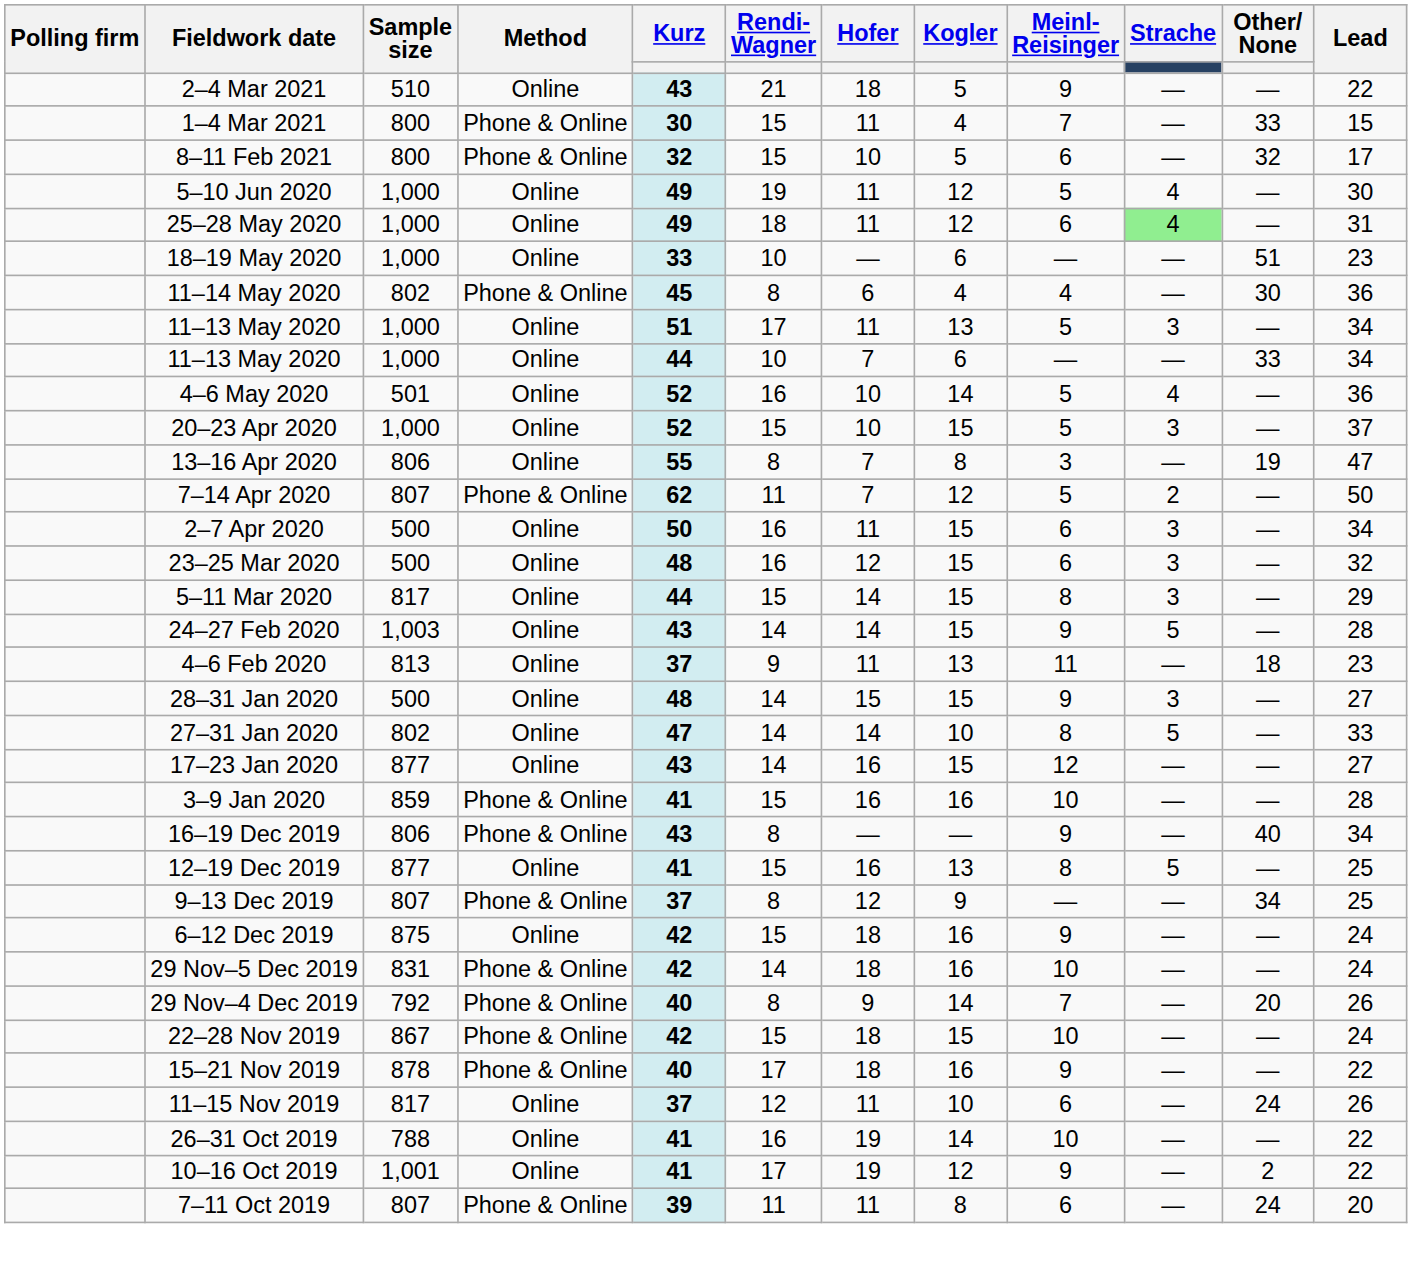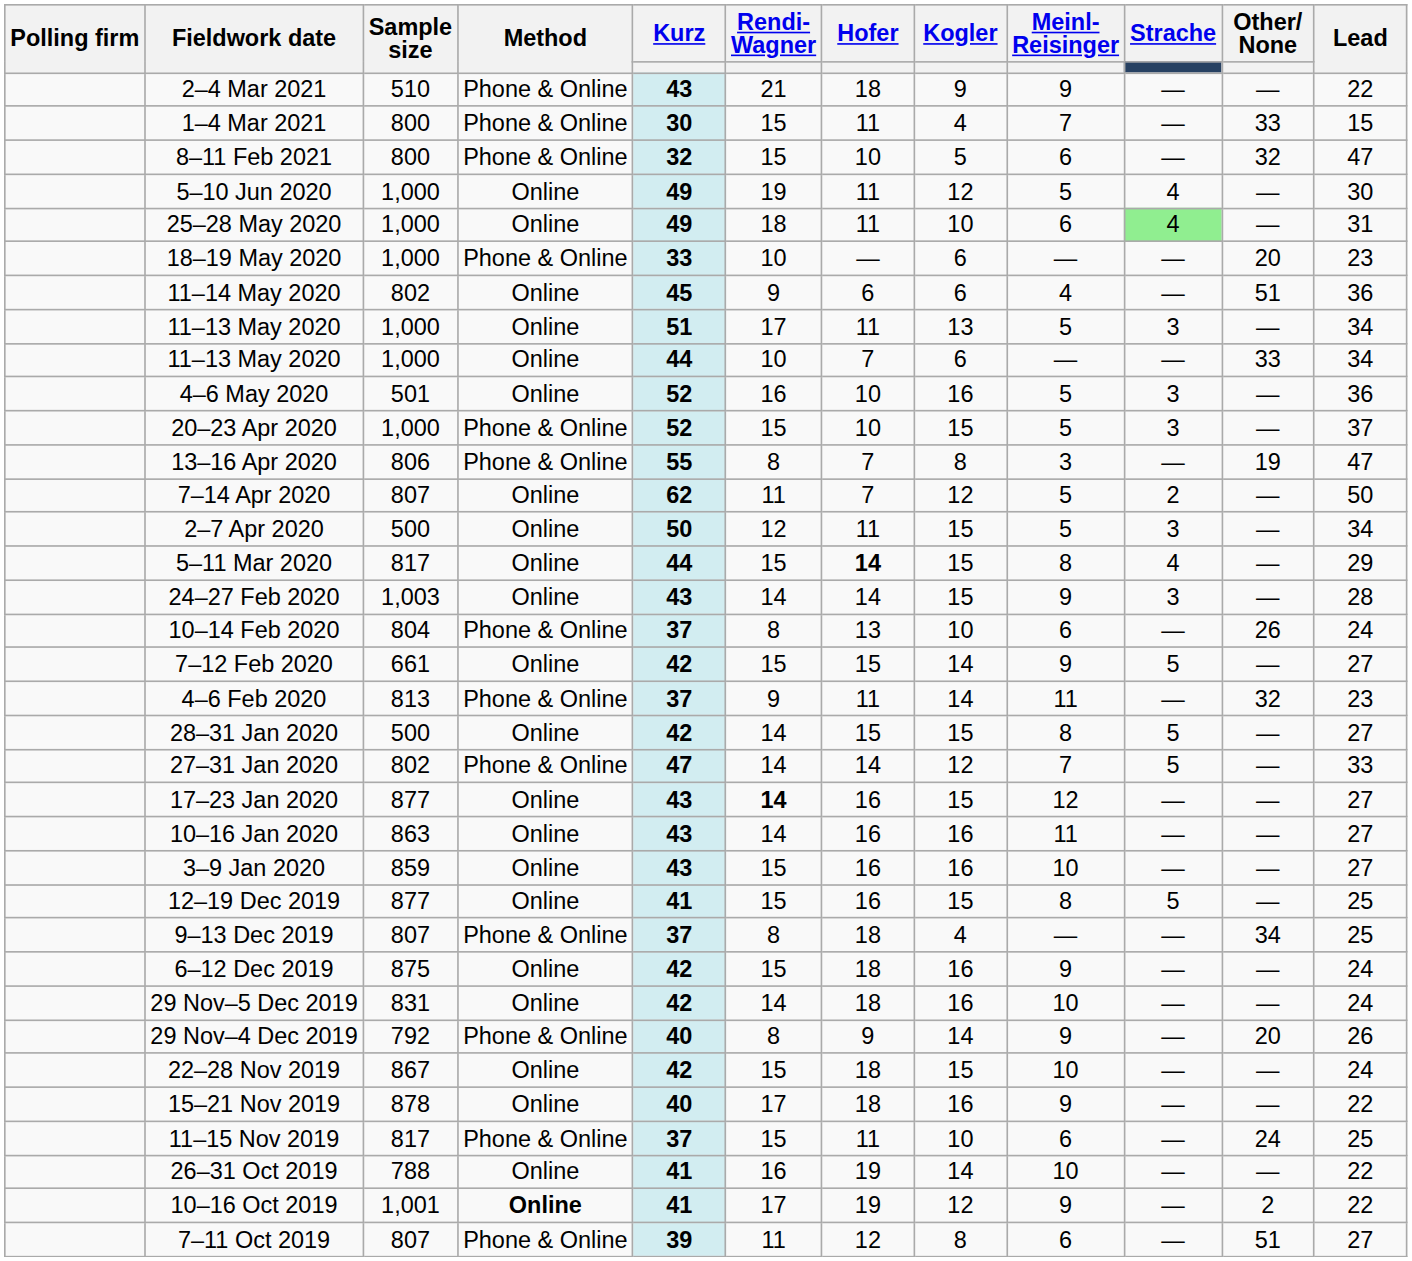 <table class="wikitable sortable mw-datatable" style="text-align:center;font-size:90%;line-height:14px;">
 <tr>
 <th rowspan="2">Polling firm</th>
 <th rowspan="2">Fieldwork date</th>
 <th rowspan="2">Sample<br>size</th>
 <th rowspan="2">Method</th>
 <th class="unsortable" style="width:50px;"><a href='#'>Kurz</a><br></th>
 <th class="unsortable" style="width:50px;"><a href='#'>Rendi-Wagner</a><br></th>
 <th class="unsortable" style="width:50px;"><a href='#'>Hofer</a><br></th>
 <th class="unsortable" style="width:50px;"><a href='#'>Kogler</a><br></th>
 <th class="unsortable" style="width:50px;"><a href='#'>Meinl-Reisinger</a><br></th>
 <th class="unsortable" style="width:50px;"><a href='#'>Strache</a><br></th>
 <th class="unsortable" style="width:50px;">Other/<br>None</th>
 <th rowspan="2" class="unsortable" style="width:50px;">Lead</th>
 </tr>
 <tr>
 <th style="background:"></th>
 <th style="background:"></th>
 <th style="background:"></th>
 <th style="background:"></th>
 <th style="background:"></th>
 <th style="background:#274162;"></th>
 <th style="background:"></th>
 </tr>
 <tr>
 <td></td>
 <td data-sort-value="2021-03-06">2–4 Mar 2021</td>
 <td>510</td>
-<td>Online</td>
+<td>Phone & Online</td>
 <td style="background:#D2EDF1;"><strong>43</strong></td>
 <td>21</td>
 <td>18</td>
-<td>5</td>
+<td>9</td>
 <td>9</td>
 <td>—</td>
 <td>—</td>
 <td style="background:">22</td>
 </tr>
 <tr>
 <td></td>
 <td data-sort-value="2021-03-06">1–4 Mar 2021</td>
 <td>800</td>
 <td>Phone & Online</td>
 <td style="background:#D2EDF1;"><strong>30</strong></td>
 <td>15</td>
 <td>11</td>
 <td>4</td>
 <td>7</td>
 <td>—</td>
 <td>33</td>
 <td style="background:">15</td>
 </tr>
 <tr>
 <td></td>
 <td data-sort-value="2021-02-13">8–11 Feb 2021</td>
 <td>800</td>
 <td>Phone & Online</td>
 <td style="background:#D2EDF1;"><strong>32</strong></td>
 <td>15</td>
 <td>10</td>
 <td>5</td>
 <td>6</td>
 <td>—</td>
 <td>32</td>
-<td style="background:">17</td>
+<td style="background:">47</td>
 </tr>
 <tr>
 <td></td>
 <td data-sort-value="2020-06-10">5–10 Jun 2020</td>
 <td>1,000</td>
 <td>Online</td>
 <td style="background:#D2EDF1;"><strong>49</strong></td>
 <td>19</td>
 <td>11</td>
 <td>12</td>
 <td>5</td>
 <td>4</td>
 <td>—</td>
 <td style="background:">30</td>
 </tr>
 <tr>
 <td></td>
 <td data-sort-value="2020-05-28">25–28 May 2020</td>
 <td>1,000</td>
 <td>Online</td>
 <td style="background:#D2EDF1;"><strong>49</strong></td>
 <td>18</td>
 <td>11</td>
-<td>12</td>
+<td>10</td>
 <td>6</td>
 <td style="background: lightgreen;">4</td>
 <td>—</td>
 <td style="background:">31</td>
 </tr>
 <tr>
 <td></td>
 <td data-sort-value="2020-05-19">18–19 May 2020</td>
 <td>1,000</td>
-<td>Online</td>
+<td>Phone & Online</td>
 <td style="background:#D2EDF1;"><strong>33</strong></td>
 <td>10</td>
 <td>—</td>
 <td>6</td>
 <td>—</td>
 <td>—</td>
-<td>51</td>
+<td>20</td>
 <td style="background:">23</td>
 </tr>
 <tr>
 <td></td>
 <td data-sort-value="2020-05-14">11–14 May 2020</td>
 <td>802</td>
-<td>Phone & Online</td>
+<td>Online</td>
 <td style="background:#D2EDF1;"><strong>45</strong></td>
-<td>8</td>
+<td>9</td>
+<td>6</td>
 <td>6</td>
 <td>4</td>
-<td>4</td>
 <td>—</td>
-<td>30</td>
+<td>51</td>
 <td style="background:">36</td>
 </tr>
 <tr>
 <td></td>
 <td data-sort-value="2020-05-13">11–13 May 2020</td>
 <td>1,000</td>
 <td>Online</td>
 <td style="background:#D2EDF1;"><strong>51</strong></td>
 <td>17</td>
 <td>11</td>
 <td>13</td>
 <td>5</td>
 <td>3</td>
 <td>—</td>
 <td style="background:">34</td>
 </tr>
 <tr>
 <td></td>
 <td data-sort-value="2020-05-13">11–13 May 2020</td>
 <td>1,000</td>
 <td>Online</td>
 <td style="background:#D2EDF1;"><strong>44</strong></td>
 <td>10</td>
 <td>7</td>
 <td>6</td>
 <td>—</td>
 <td>—</td>
 <td>33</td>
 <td style="background:">34</td>
 </tr>
 <tr>
 <td></td>
 <td data-sort-value="2020-05-06">4–6 May 2020</td>
 <td>501</td>
 <td>Online</td>
 <td style="background:#D2EDF1;"><strong>52</strong></td>
 <td>16</td>
 <td>10</td>
-<td>14</td>
+<td>16</td>
 <td>5</td>
-<td>4</td>
+<td>3</td>
 <td>—</td>
 <td style="background:">36</td>
 </tr>
 <tr>
 <td></td>
 <td data-sort-value="2020-04-23">20–23 Apr 2020</td>
 <td>1,000</td>
-<td>Online</td>
+<td>Phone & Online</td>
 <td style="background:#D2EDF1;"><strong>52</strong></td>
 <td>15</td>
 <td>10</td>
 <td>15</td>
 <td>5</td>
 <td>3</td>
 <td>—</td>
 <td style="background:">37</td>
 </tr>
 <tr>
 <td></td>
 <td data-sort-value="2020-04-16">13–16 Apr 2020</td>
 <td>806</td>
-<td>Online</td>
+<td>Phone & Online</td>
 <td style="background:#D2EDF1;"><strong>55</strong></td>
 <td>8</td>
 <td>7</td>
 <td>8</td>
 <td>3</td>
 <td>—</td>
 <td>19</td>
 <td style="background:">47</td>
 </tr>
 <tr>
 <td></td>
 <td data-sort-value="2020-04-14">7–14 Apr 2020</td>
 <td>807</td>
-<td>Phone & Online</td>
+<td>Online</td>
 <td style="background:#D2EDF1;"><strong>62</strong></td>
 <td>11</td>
 <td>7</td>
 <td>12</td>
 <td>5</td>
 <td>2</td>
 <td>—</td>
 <td style="background:">50</td>
 </tr>
 <tr>
 <td></td>
 <td data-sort-value="2020-04-07">2–7 Apr 2020</td>
 <td>500</td>
 <td>Online</td>
 <td style="background:#D2EDF1;"><strong>50</strong></td>
-<td>16</td>
+<td>12</td>
 <td>11</td>
 <td>15</td>
-<td>6</td>
+<td>5</td>
 <td>3</td>
 <td>—</td>
 <td style="background:">34</td>
-</tr>
-<tr>
-<td></td>
-<td data-sort-value="2020-03-25">23–25 Mar 2020</td>
-<td>500</td>
-<td>Online</td>
-<td style="background:#D2EDF1;"><strong>48</strong></td>
-<td>16</td>
-<td>12</td>
-<td>15</td>
-<td>6</td>
-<td>3</td>
-<td>—</td>
-<td style="background:">32</td>
 </tr>
 <tr>
 <td></td>
 <td data-sort-value="2020-03-11">5–11 Mar 2020</td>
 <td>817</td>
 <td>Online</td>
 <td style="background:#D2EDF1;"><strong>44</strong></td>
 <td>15</td>
-<td>14</td>
+<td><strong>14</strong></td>
 <td>15</td>
 <td>8</td>
-<td>3</td>
+<td>4</td>
 <td>—</td>
 <td style="background:">29</td>
 </tr>
 <tr>
 <td></td>
 <td data-sort-value="2020-02-27">24–27 Feb 2020</td>
 <td>1,003</td>
 <td>Online</td>
 <td style="background:#D2EDF1;"><strong>43</strong></td>
 <td>14</td>
 <td>14</td>
 <td>15</td>
 <td>9</td>
-<td>5</td>
+<td>3</td>
 <td>—</td>
 <td style="background:">28</td>
 </tr>
 <tr>
 <td></td>
+<td data-sort-value="2020-02-14">10–14 Feb 2020</td>
+<td>804</td>
+<td>Phone & Online</td>
+<td style="background:#D2EDF1;"><strong>37</strong></td>
+<td>8</td>
+<td>13</td>
+<td>10</td>
+<td>6</td>
+<td>—</td>
+<td>26</td>
+<td style="background:">24</td>
+</tr>
+<tr>
+<td></td>
+<td data-sort-value="2020-02-12">7–12 Feb 2020</td>
+<td>661</td>
+<td>Online</td>
+<td style="background:#D2EDF1;"><strong>42</strong></td>
+<td>15</td>
+<td>15</td>
+<td>14</td>
+<td>9</td>
+<td>5</td>
+<td>—</td>
+<td style="background:">27</td>
+</tr>
+<tr>
+<td></td>
 <td data-sort-value="2020-02-06">4–6 Feb 2020</td>
 <td>813</td>
-<td>Online</td>
+<td>Phone & Online</td>
 <td style="background:#D2EDF1;"><strong>37</strong></td>
 <td>9</td>
 <td>11</td>
-<td>13</td>
+<td>14</td>
 <td>11</td>
 <td>—</td>
-<td>18</td>
+<td>32</td>
 <td style="background:">23</td>
 </tr>
 <tr>
 <td></td>
 <td data-sort-value="2020-01-31">28–31 Jan 2020</td>
 <td>500</td>
 <td>Online</td>
-<td style="background:#D2EDF1;"><strong>48</strong></td>
+<td style="background:#D2EDF1;"><strong>42</strong></td>
 <td>14</td>
 <td>15</td>
 <td>15</td>
-<td>9</td>
-<td>3</td>
+<td>8</td>
+<td>5</td>
 <td>—</td>
 <td style="background:">27</td>
 </tr>
 <tr>
 <td></td>
 <td data-sort-value="2020-01-31">27–31 Jan 2020</td>
 <td>802</td>
-<td>Online</td>
+<td>Phone & Online</td>
 <td style="background:#D2EDF1;"><strong>47</strong></td>
 <td>14</td>
 <td>14</td>
-<td>10</td>
-<td>8</td>
+<td>12</td>
+<td>7</td>
 <td>5</td>
 <td>—</td>
 <td style="background:">33</td>
 </tr>
 <tr>
 <td></td>
 <td data-sort-value="2020-01-23">17–23 Jan 2020</td>
 <td>877</td>
 <td>Online</td>
 <td style="background:#D2EDF1;"><strong>43</strong></td>
-<td>14</td>
+<td><strong>14</strong></td>
 <td>16</td>
 <td>15</td>
 <td>12</td>
 <td>—</td>
 <td>—</td>
 <td style="background:">27</td>
 </tr>
 <tr>
 <td></td>
+<td data-sort-value="2020-01-16">10–16 Jan 2020</td>
+<td>863</td>
+<td>Online</td>
+<td style="background:#D2EDF1;"><strong>43</strong></td>
+<td>14</td>
+<td>16</td>
+<td>16</td>
+<td>11</td>
+<td>—</td>
+<td>—</td>
+<td style="background:">27</td>
+</tr>
+<tr>
+<td></td>
 <td data-sort-value="2020-01-09">3–9 Jan 2020</td>
 <td>859</td>
-<td>Phone & Online</td>
-<td style="background:#D2EDF1;"><strong>41</strong></td>
+<td>Online</td>
+<td style="background:#D2EDF1;"><strong>43</strong></td>
 <td>15</td>
 <td>16</td>
 <td>16</td>
 <td>10</td>
 <td>—</td>
 <td>—</td>
-<td style="background:">28</td>
-</tr>
-<tr>
-<td></td>
-<td data-sort-value="2019-12-19">16–19 Dec 2019</td>
-<td>806</td>
-<td>Phone & Online</td>
-<td style="background:#D2EDF1;"><strong>43</strong></td>
-<td>8</td>
-<td>—</td>
-<td>—</td>
-<td>9</td>
-<td>—</td>
-<td>40</td>
-<td style="background:">34</td>
+<td style="background:">27</td>
 </tr>
 <tr>
 <td></td>
 <td data-sort-value="2019-12-19">12–19 Dec 2019</td>
 <td>877</td>
 <td>Online</td>
 <td style="background:#D2EDF1;"><strong>41</strong></td>
 <td>15</td>
 <td>16</td>
-<td>13</td>
+<td>15</td>
 <td>8</td>
 <td>5</td>
 <td>—</td>
 <td style="background:">25</td>
 </tr>
 <tr>
 <td></td>
 <td data-sort-value="2019-12-13">9–13 Dec 2019</td>
 <td>807</td>
 <td>Phone & Online</td>
 <td style="background:#D2EDF1;"><strong>37</strong></td>
 <td>8</td>
-<td>12</td>
-<td>9</td>
+<td>18</td>
+<td>4</td>
 <td>—</td>
 <td>—</td>
 <td>34</td>
 <td style="background:">25</td>
 </tr>
 <tr>
 <td></td>
 <td data-sort-value="2019-12-12">6–12 Dec 2019</td>
 <td>875</td>
 <td>Online</td>
 <td style="background:#D2EDF1;"><strong>42</strong></td>
 <td>15</td>
 <td>18</td>
 <td>16</td>
 <td>9</td>
 <td>—</td>
 <td>—</td>
 <td style="background:">24</td>
 </tr>
 <tr>
 <td></td>
 <td data-sort-value="2019-12-05">29 Nov–5 Dec 2019</td>
 <td>831</td>
-<td>Phone & Online</td>
+<td>Online</td>
 <td style="background:#D2EDF1;"><strong>42</strong></td>
 <td>14</td>
 <td>18</td>
 <td>16</td>
 <td>10</td>
 <td>—</td>
 <td>—</td>
 <td style="background:">24</td>
 </tr>
 <tr>
 <td></td>
 <td data-sort-value="2019-12-04">29 Nov–4 Dec 2019</td>
 <td>792</td>
 <td>Phone & Online</td>
 <td style="background:#D2EDF1;"><strong>40</strong></td>
 <td>8</td>
 <td>9</td>
 <td>14</td>
-<td>7</td>
+<td>9</td>
 <td>—</td>
 <td>20</td>
 <td style="background:">26</td>
 </tr>
 <tr>
 <td></td>
 <td data-sort-value="2019-11-28">22–28 Nov 2019</td>
 <td>867</td>
-<td>Phone & Online</td>
+<td>Online</td>
 <td style="background:#D2EDF1;"><strong>42</strong></td>
 <td>15</td>
 <td>18</td>
 <td>15</td>
 <td>10</td>
 <td>—</td>
 <td>—</td>
 <td style="background:">24</td>
 </tr>
 <tr>
 <td></td>
 <td data-sort-value="2019-11-21">15–21 Nov 2019</td>
 <td>878</td>
-<td>Phone & Online</td>
+<td>Online</td>
 <td style="background:#D2EDF1;"><strong>40</strong></td>
 <td>17</td>
 <td>18</td>
 <td>16</td>
 <td>9</td>
 <td>—</td>
 <td>—</td>
 <td style="background:">22</td>
 </tr>
 <tr>
 <td></td>
 <td data-sort-value="2019-11-15">11–15 Nov 2019</td>
 <td>817</td>
-<td>Online</td>
+<td>Phone & Online</td>
 <td style="background:#D2EDF1;"><strong>37</strong></td>
-<td>12</td>
+<td>15</td>
 <td>11</td>
 <td>10</td>
 <td>6</td>
 <td>—</td>
 <td>24</td>
-<td style="background:">26</td>
+<td style="background:">25</td>
 </tr>
 <tr>
 <td></td>
 <td data-sort-value="2019-10-31">26–31 Oct 2019</td>
 <td>788</td>
 <td>Online</td>
 <td style="background:#D2EDF1;"><strong>41</strong></td>
 <td>16</td>
 <td>19</td>
 <td>14</td>
 <td>10</td>
 <td>—</td>
 <td>—</td>
 <td style="background:">22</td>
 </tr>
 <tr>
 <td></td>
 <td data-sort-value="2019-10-16">10–16 Oct 2019</td>
 <td>1,001</td>
-<td>Online</td>
+<td><strong>Online</strong></td>
 <td style="background:#D2EDF1;"><strong>41</strong></td>
 <td>17</td>
 <td>19</td>
 <td>12</td>
 <td>9</td>
 <td>—</td>
 <td>2</td>
 <td style="background:">22</td>
 </tr>
 <tr>
 <td></td>
 <td data-sort-value="2019-10-11">7–11 Oct 2019</td>
 <td>807</td>
 <td>Phone & Online</td>
 <td style="background:#D2EDF1;"><strong>39</strong></td>
 <td>11</td>
-<td>11</td>
+<td>12</td>
 <td>8</td>
 <td>6</td>
 <td>—</td>
-<td>24</td>
-<td style="background:">20</td>
+<td>51</td>
+<td style="background:">27</td>
 </tr>
 </table>
